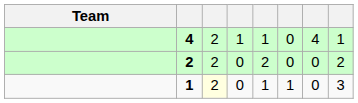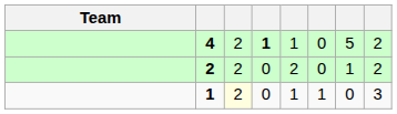 <table class="wikitable" style="text-align: center;">
 <tr>
 <th width=180>Team</th>
 <th width=20></th>
 <th width=20></th>
 <th width=20></th>
 <th width=20></th>
 <th width=20></th>
 <th width=20></th>
 <th width=20></th>
 </tr>
 <tr bgcolor=ccffcc>
 <td align=left></td>
 <td><strong>4</strong></td>
 <td>2</td>
-<td>1</td>
+<td><strong>1</strong></td>
 <td>1</td>
 <td>0</td>
-<td>4</td>
-<td>1</td>
+<td>5</td>
+<td>2</td>
 </tr>
 <tr bgcolor=ccffcc>
 <td align=left></td>
 <td><strong>2</strong></td>
 <td>2</td>
 <td>0</td>
 <td>2</td>
 <td>0</td>
-<td>0</td>
+<td>1</td>
 <td>2</td>
 </tr>
 <tr>
 <td align=left></td>
 <td><strong>1</strong></td>
 <td style="background: lightyellow;">2</td>
 <td>0</td>
 <td>1</td>
 <td>1</td>
 <td>0</td>
 <td>3</td>
 </tr>
 </table>
